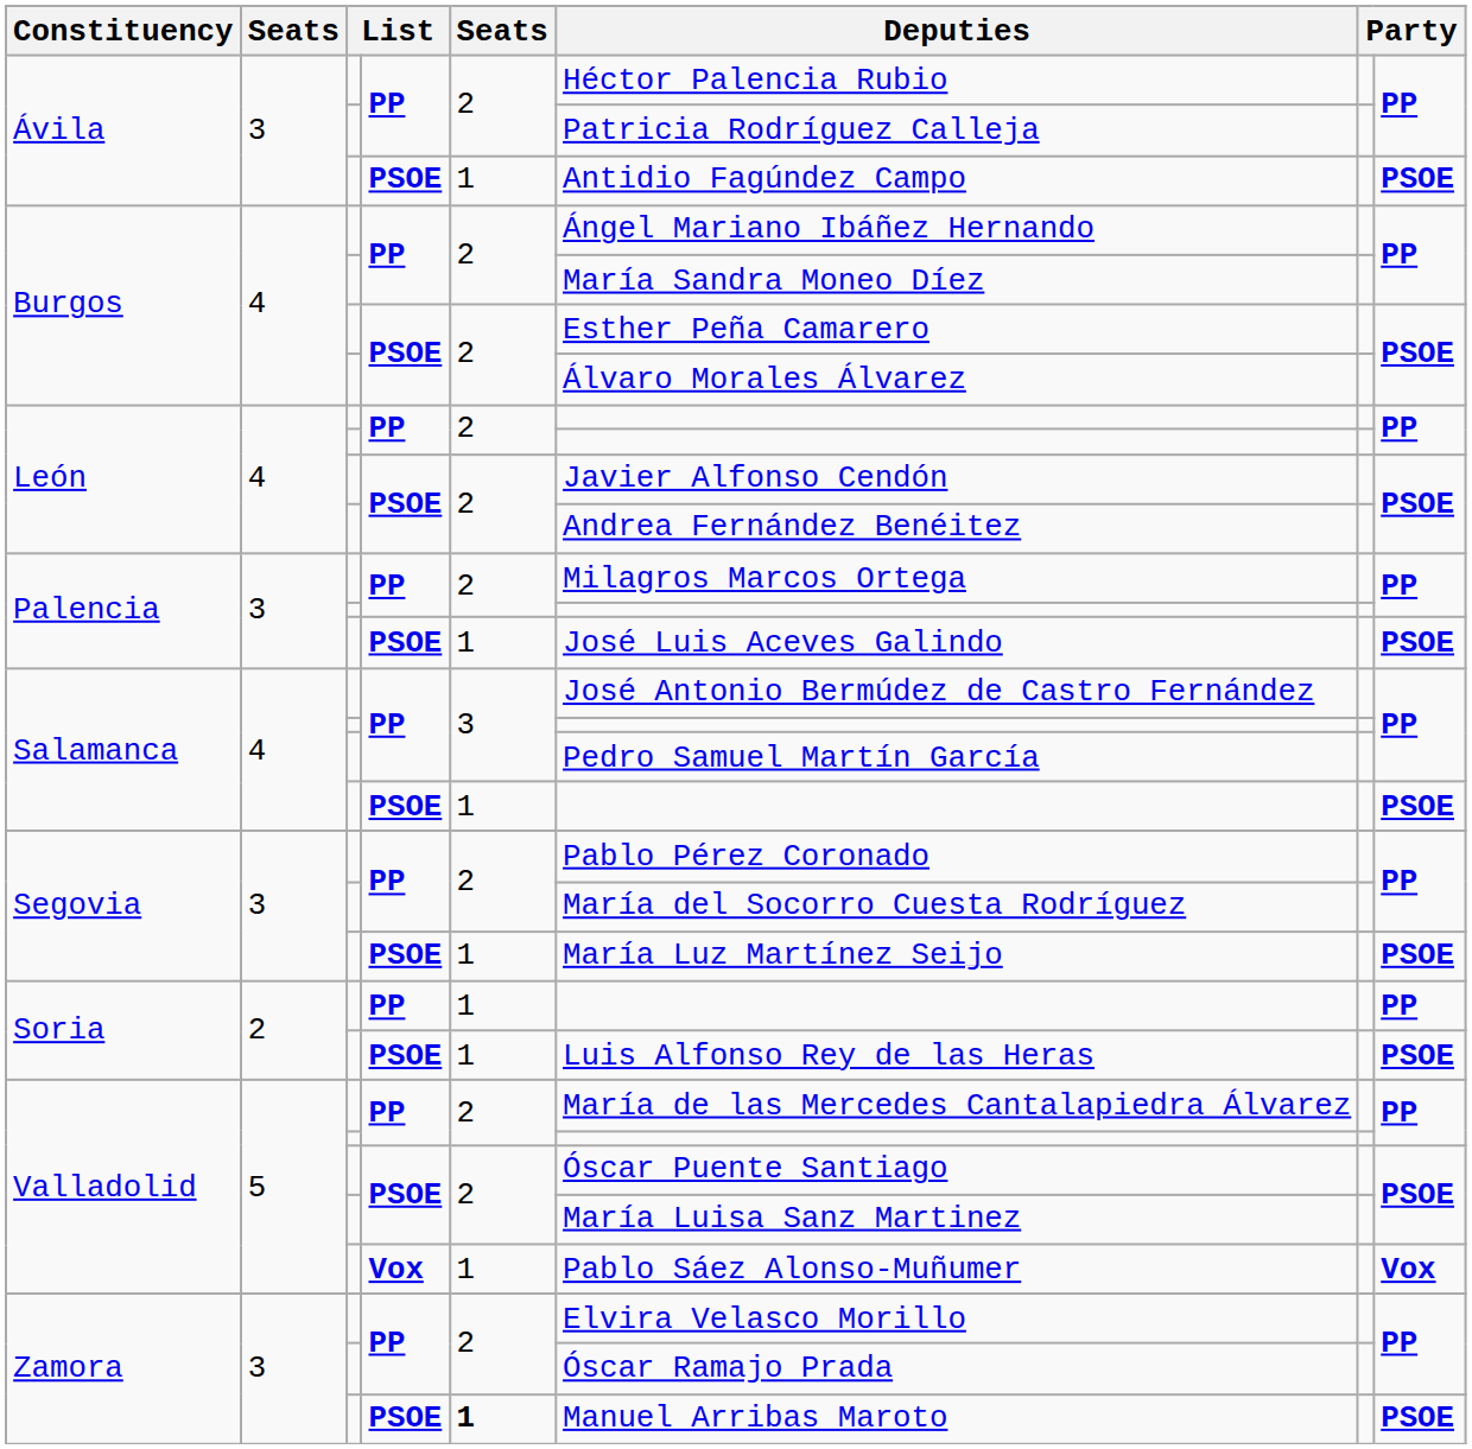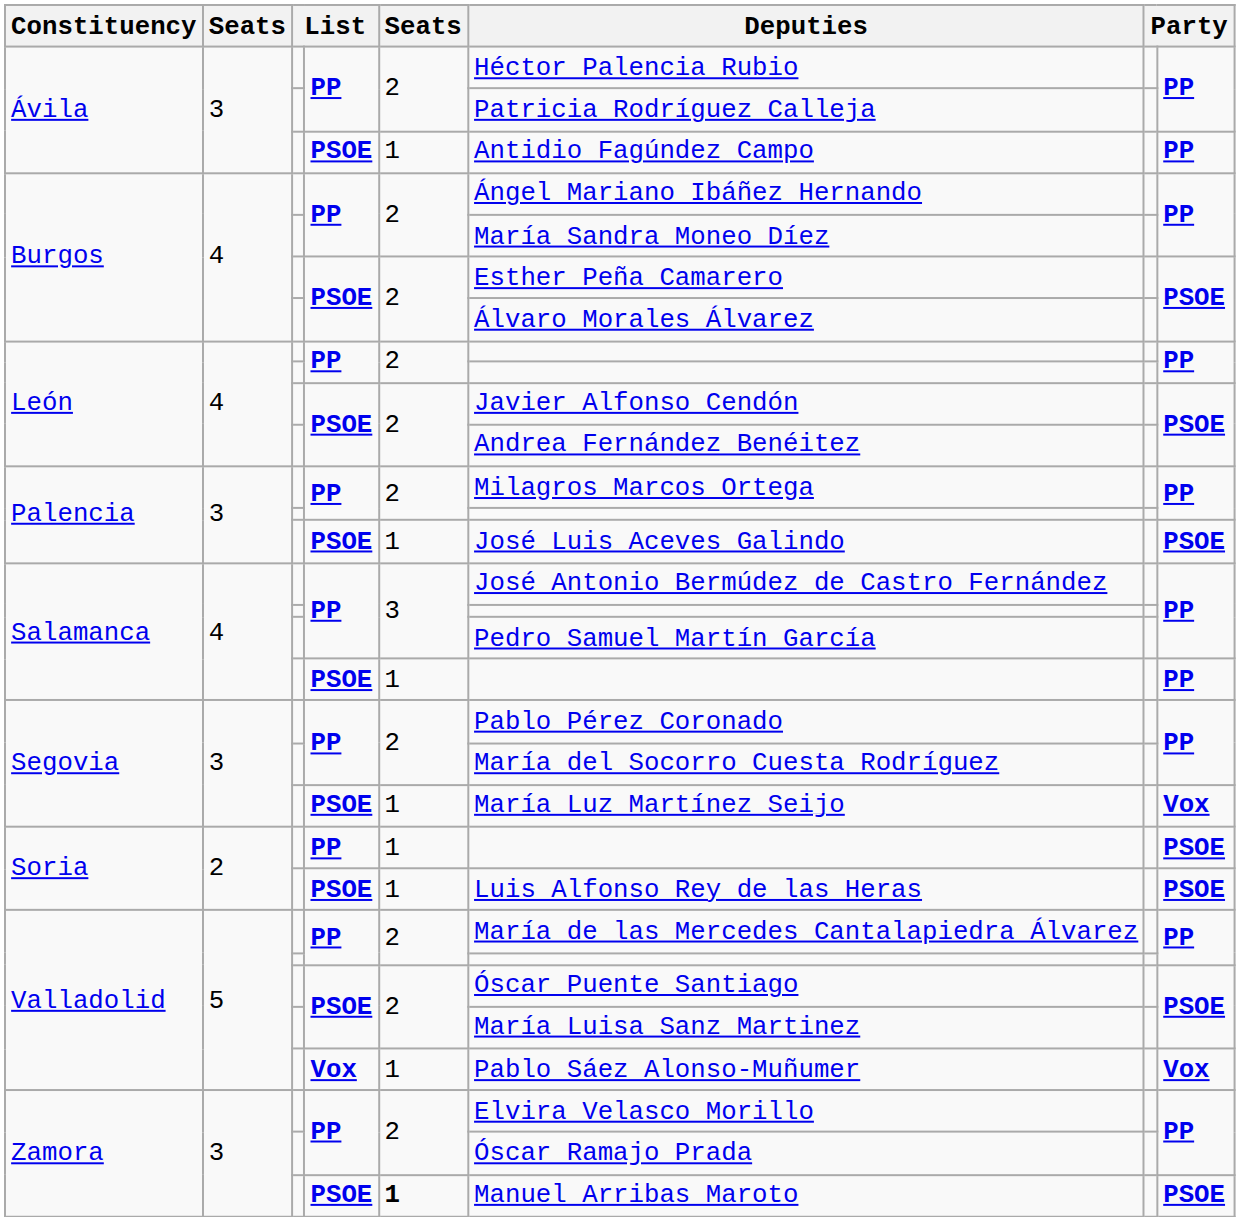 <table class="wikitable sortable">
 <tr>
 <th>Constituency</th>
 <th>Seats</th>
 <th colspan="2">List</th>
 <th>Seats</th>
 <th>Deputies</th>
 <th colspan="2">Party</th>
 </tr>
 <tr>
 <td rowspan="3"><a href='#'>Ávila</a></td>
 <td rowspan="3">3</td>
 <td></td>
 <td rowspan="2"><strong><a href='#'>PP</a></strong></td>
 <td rowspan="2">2</td>
 <td><a href='#'>Héctor Palencia Rubio</a></td>
 <td></td>
 <td rowspan="2"><strong><a href='#'>PP</a></strong></td>
 </tr>
 <tr>
 <td></td>
 <td><a href='#'>Patricia Rodríguez Calleja</a></td>
 <td></td>
 </tr>
 <tr>
 <td></td>
 <td><strong><a href='#'>PSOE</a></strong></td>
 <td>1</td>
 <td><a href='#'>Antidio Fagúndez Campo</a></td>
 <td></td>
-<td><strong><a href='#'>PSOE</a></strong></td>
+<td><strong><a href='#'>PP</a></strong></td>
 </tr>
 <tr>
 <td rowspan="4"><a href='#'>Burgos</a></td>
 <td rowspan="4">4</td>
 <td></td>
 <td rowspan="2"><strong><a href='#'>PP</a></strong></td>
 <td rowspan="2">2</td>
 <td><a href='#'>Ángel Mariano Ibáñez Hernando</a></td>
 <td></td>
 <td rowspan="2"><strong><a href='#'>PP</a></strong></td>
 </tr>
 <tr>
 <td></td>
 <td><a href='#'>María Sandra Moneo Díez</a></td>
 <td></td>
 </tr>
 <tr>
 <td></td>
 <td rowspan="2"><strong><a href='#'>PSOE</a></strong></td>
 <td rowspan="2">2</td>
 <td><a href='#'>Esther Peña Camarero</a></td>
 <td></td>
 <td rowspan="2"><strong><a href='#'>PSOE</a></strong></td>
 </tr>
 <tr>
 <td></td>
 <td><a href='#'>Álvaro Morales Álvarez</a></td>
 <td></td>
 </tr>
 <tr>
 <td rowspan="4"><a href='#'>León</a></td>
 <td rowspan="4">4</td>
 <td></td>
 <td rowspan="2"><strong><a href='#'>PP</a></strong></td>
 <td rowspan="2">2</td>
 <td></td>
 <td></td>
 <td rowspan="2"><strong><a href='#'>PP</a></strong></td>
 </tr>
 <tr>
 <td></td>
 <td></td>
 <td></td>
 </tr>
 <tr>
 <td></td>
 <td rowspan="2"><strong><a href='#'>PSOE</a></strong></td>
 <td rowspan="2">2</td>
 <td><a href='#'>Javier Alfonso Cendón</a></td>
 <td></td>
 <td rowspan="2"><strong><a href='#'>PSOE</a></strong></td>
 </tr>
 <tr>
 <td></td>
 <td><a href='#'>Andrea Fernández Benéitez</a></td>
 <td></td>
 </tr>
 <tr>
 <td rowspan="3"><a href='#'>Palencia</a></td>
 <td rowspan="3">3</td>
 <td></td>
 <td rowspan="2"><strong><a href='#'>PP</a></strong></td>
 <td rowspan="2">2</td>
 <td><a href='#'>Milagros Marcos Ortega</a></td>
 <td></td>
 <td rowspan="2"><strong><a href='#'>PP</a></strong></td>
 </tr>
 <tr>
 <td></td>
 <td></td>
 <td></td>
 </tr>
 <tr>
 <td></td>
 <td><strong><a href='#'>PSOE</a></strong></td>
 <td>1</td>
 <td><a href='#'>José Luis Aceves Galindo</a></td>
 <td></td>
 <td><strong><a href='#'>PSOE</a></strong></td>
 </tr>
 <tr>
 <td rowspan="4"><a href='#'>Salamanca</a></td>
 <td rowspan="4">4</td>
 <td></td>
 <td rowspan="3"><strong><a href='#'>PP</a></strong></td>
 <td rowspan="3">3</td>
 <td><a href='#'>José Antonio Bermúdez de Castro Fernández</a></td>
 <td></td>
 <td rowspan="3"><strong><a href='#'>PP</a></strong></td>
 </tr>
 <tr>
 <td></td>
 <td></td>
 <td></td>
 </tr>
 <tr>
 <td></td>
 <td><a href='#'>Pedro Samuel Martín García</a></td>
 <td></td>
 </tr>
 <tr>
 <td></td>
 <td><strong><a href='#'>PSOE</a></strong></td>
 <td>1</td>
 <td></td>
 <td></td>
-<td><strong><a href='#'>PSOE</a></strong></td>
+<td><strong><a href='#'>PP</a></strong></td>
 </tr>
 <tr>
 <td rowspan="3"><a href='#'>Segovia</a></td>
 <td rowspan="3">3</td>
 <td></td>
 <td rowspan="2"><strong><a href='#'>PP</a></strong></td>
 <td rowspan="2">2</td>
 <td><a href='#'>Pablo Pérez Coronado</a></td>
 <td></td>
 <td rowspan="2"><strong><a href='#'>PP</a></strong></td>
 </tr>
 <tr>
 <td></td>
 <td><a href='#'>María del Socorro Cuesta Rodríguez</a></td>
 <td></td>
 </tr>
 <tr>
 <td></td>
 <td><strong><a href='#'>PSOE</a></strong></td>
 <td>1</td>
 <td><a href='#'>María Luz Martínez Seijo</a></td>
 <td></td>
-<td><strong><a href='#'>PSOE</a></strong></td>
+<td><strong><a href='#'>Vox</a></strong></td>
 </tr>
 <tr>
 <td rowspan="2"><a href='#'>Soria</a></td>
 <td rowspan="2">2</td>
 <td></td>
 <td><strong><a href='#'>PP</a></strong></td>
 <td>1</td>
 <td></td>
 <td></td>
-<td><strong><a href='#'>PP</a></strong></td>
+<td><strong><a href='#'>PSOE</a></strong></td>
 </tr>
 <tr>
 <td></td>
 <td><strong><a href='#'>PSOE</a></strong></td>
 <td>1</td>
 <td><a href='#'>Luis Alfonso Rey de las Heras</a></td>
 <td></td>
 <td><strong><a href='#'>PSOE</a></strong></td>
 </tr>
 <tr>
 <td rowspan="5"><a href='#'>Valladolid</a></td>
 <td rowspan="5">5</td>
 <td></td>
 <td rowspan="2"><strong><a href='#'>PP</a></strong></td>
 <td rowspan="2">2</td>
 <td><a href='#'>María de las Mercedes Cantalapiedra Álvarez</a></td>
 <td></td>
 <td rowspan="2"><strong><a href='#'>PP</a></strong></td>
 </tr>
 <tr>
 <td></td>
 <td></td>
 <td></td>
 </tr>
 <tr>
 <td></td>
 <td rowspan="2"><strong><a href='#'>PSOE</a></strong></td>
 <td rowspan="2">2</td>
 <td><a href='#'>Óscar Puente Santiago</a></td>
 <td></td>
 <td rowspan="2"><strong><a href='#'>PSOE</a></strong></td>
 </tr>
 <tr>
 <td></td>
 <td><a href='#'>María Luisa Sanz Martinez</a></td>
 <td></td>
 </tr>
 <tr>
 <td></td>
 <td><strong><a href='#'>Vox</a></strong></td>
 <td>1</td>
 <td><a href='#'>Pablo Sáez Alonso-Muñumer</a></td>
 <td></td>
 <td><strong><a href='#'>Vox</a></strong></td>
 </tr>
 <tr>
 <td rowspan="3"><a href='#'>Zamora</a></td>
 <td rowspan="3">3</td>
 <td></td>
 <td rowspan="2"><strong><a href='#'>PP</a></strong></td>
 <td rowspan="2">2</td>
 <td><a href='#'>Elvira Velasco Morillo</a></td>
 <td></td>
 <td rowspan="2"><strong><a href='#'>PP</a></strong></td>
 </tr>
 <tr>
 <td></td>
 <td><a href='#'>Óscar Ramajo Prada</a></td>
 <td></td>
 </tr>
 <tr>
 <td></td>
 <td><strong><a href='#'>PSOE</a></strong></td>
 <td><strong>1</strong></td>
 <td><a href='#'>Manuel Arribas Maroto</a></td>
 <td></td>
 <td><strong><a href='#'>PSOE</a></strong></td>
 </tr>
 </table>
